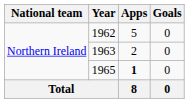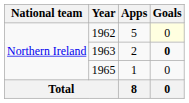 <table class=wikitable style="text-align: center">
 <tr>
 <th>National team</th>
 <th>Year</th>
 <th>Apps</th>
 <th>Goals</th>
 </tr>
 <tr>
 <td rowspan=3><a href='#'>Northern Ireland</a></td>
 <td>1962</td>
 <td>5</td>
-<td>0</td>
+<td style="background: lightyellow;">0</td>
 </tr>
 <tr>
 <td>1963</td>
 <td>2</td>
-<td>0</td>
+<td><strong>0</strong></td>
 </tr>
 <tr>
 <td>1965</td>
-<td><strong>1</strong></td>
+<td>1</td>
 <td>0</td>
 </tr>
 <tr>
 <th colspan=2>Total</th>
 <th>8</th>
 <th>0</th>
 </tr>
 </table>
